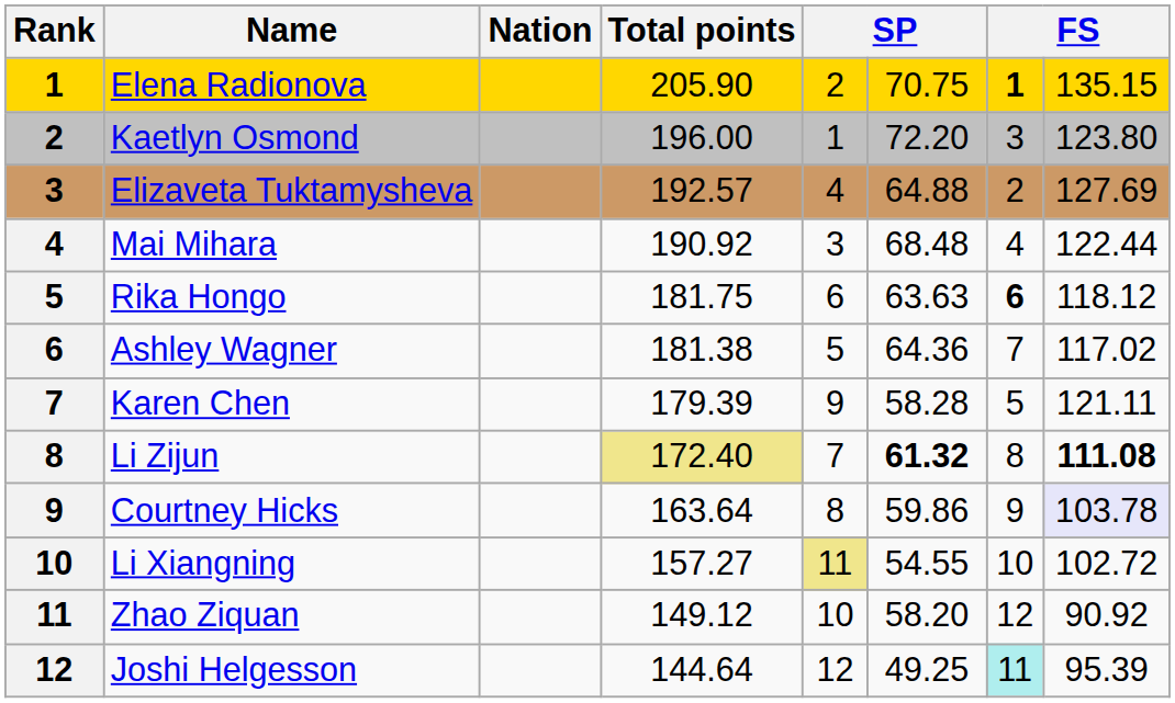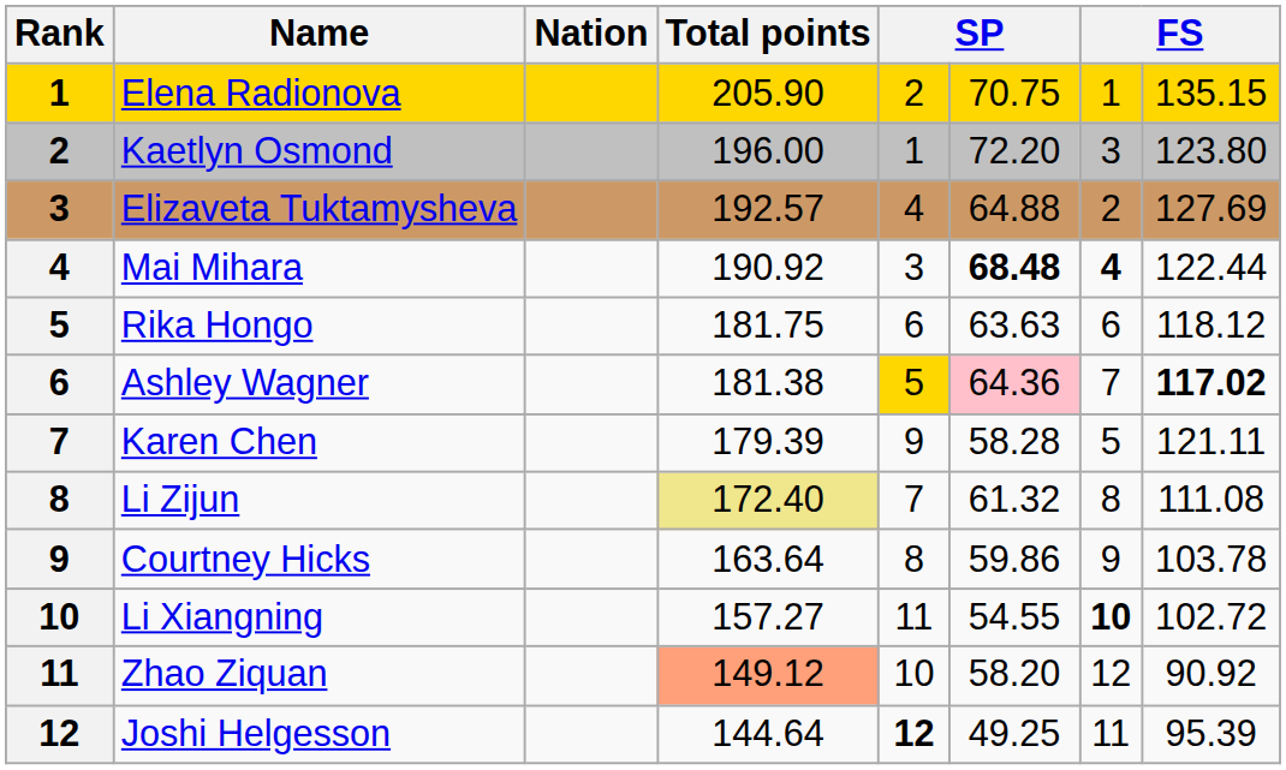 <table class="wikitable sortable">
 <tr>
 <th>Rank</th>
 <th>Name</th>
 <th>Nation</th>
 <th>Total points</th>
 <th colspan="2" width="80px"><a href='#'>SP</a></th>
 <th colspan="2" width="80px"><a href='#'>FS</a></th>
 </tr>
 <tr bgcolor="gold">
 <td align="center"><strong>1</strong></td>
 <td><a href='#'>Elena Radionova</a></td>
 <td></td>
 <td align="center">205.90</td>
 <td align="center">2</td>
 <td align="center">70.75</td>
-<td align="center"><strong>1</strong></td>
+<td align="center">1</td>
 <td align="center">135.15</td>
 </tr>
 <tr bgcolor="silver">
 <td align="center"><strong>2</strong></td>
 <td><a href='#'>Kaetlyn Osmond</a></td>
 <td></td>
 <td align="center">196.00</td>
 <td align="center">1</td>
 <td align="center">72.20</td>
 <td align="center">3</td>
 <td align="center">123.80</td>
 </tr>
 <tr bgcolor="cc9966">
 <td align="center"><strong>3</strong></td>
 <td><a href='#'>Elizaveta Tuktamysheva</a></td>
 <td></td>
 <td align="center">192.57</td>
 <td align="center">4</td>
 <td align="center">64.88</td>
 <td align="center">2</td>
 <td align="center">127.69</td>
 </tr>
 <tr>
 <th>4</th>
 <td><a href='#'>Mai Mihara</a></td>
 <td></td>
 <td align="center">190.92</td>
 <td align="center">3</td>
-<td align="center">68.48</td>
-<td align="center">4</td>
+<td align="center"><strong>68.48</strong></td>
+<td align="center"><strong>4</strong></td>
 <td align="center">122.44</td>
 </tr>
 <tr>
 <th>5</th>
 <td><a href='#'>Rika Hongo</a></td>
 <td></td>
 <td align="center">181.75</td>
 <td align="center">6</td>
 <td align="center">63.63</td>
-<td align="center"><strong>6</strong></td>
+<td align="center">6</td>
 <td align="center">118.12</td>
 </tr>
 <tr>
 <th>6</th>
 <td><a href='#'>Ashley Wagner</a></td>
 <td></td>
 <td align="center">181.38</td>
-<td align="center">5</td>
-<td align="center">64.36</td>
+<td align="center" style="background: gold;">5</td>
+<td align="center" style="background: pink;">64.36</td>
 <td align="center">7</td>
-<td align="center">117.02</td>
+<td align="center"><strong>117.02</strong></td>
 </tr>
 <tr>
 <th>7</th>
 <td><a href='#'>Karen Chen</a></td>
 <td></td>
 <td align="center">179.39</td>
 <td align="center">9</td>
 <td align="center">58.28</td>
 <td align="center">5</td>
 <td align="center">121.11</td>
 </tr>
 <tr>
 <th>8</th>
 <td><a href='#'>Li Zijun</a></td>
 <td></td>
 <td align="center" style="background: khaki;">172.40</td>
 <td align="center">7</td>
-<td align="center"><strong>61.32</strong></td>
+<td align="center">61.32</td>
 <td align="center">8</td>
-<td align="center"><strong>111.08</strong></td>
+<td align="center">111.08</td>
 </tr>
 <tr>
 <th>9</th>
 <td><a href='#'>Courtney Hicks</a></td>
 <td></td>
 <td align="center">163.64</td>
 <td align="center">8</td>
 <td align="center">59.86</td>
 <td align="center">9</td>
-<td align="center" style="background: lavender;">103.78</td>
+<td align="center">103.78</td>
 </tr>
 <tr>
 <th>10</th>
 <td><a href='#'>Li Xiangning</a></td>
 <td></td>
 <td align="center">157.27</td>
-<td align="center" style="background: khaki;">11</td>
+<td align="center">11</td>
 <td align="center">54.55</td>
-<td align="center">10</td>
+<td align="center"><strong>10</strong></td>
 <td align="center">102.72</td>
 </tr>
 <tr>
 <th>11</th>
 <td><a href='#'>Zhao Ziquan</a></td>
 <td></td>
-<td align="center">149.12</td>
+<td align="center" style="background: lightsalmon;">149.12</td>
 <td align="center">10</td>
 <td align="center">58.20</td>
 <td align="center">12</td>
 <td align="center">90.92</td>
 </tr>
 <tr>
 <th>12</th>
 <td><a href='#'>Joshi Helgesson</a></td>
 <td></td>
 <td align="center">144.64</td>
-<td align="center">12</td>
+<td align="center"><strong>12</strong></td>
 <td align="center">49.25</td>
-<td align="center" style="background: paleturquoise;">11</td>
+<td align="center">11</td>
 <td align="center">95.39</td>
 </tr>
 </table>
